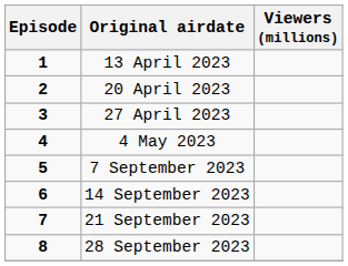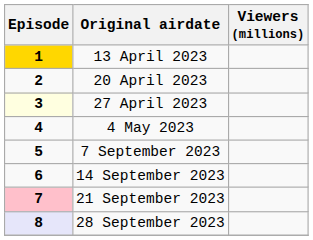 <table class="wikitable" style="text-align:center;">
 <tr>
 <th>Episode</th>
 <th>Original airdate</th>
 <th>Viewers<br><small>(millions)</small></th>
 </tr>
 <tr>
-<td><strong>1</strong></td>
+<td style="background: gold;"><strong>1</strong></td>
 <td>13 April 2023</td>
 <td></td>
 </tr>
 <tr>
 <td><strong>2</strong></td>
 <td>20 April 2023</td>
 <td></td>
 </tr>
 <tr>
-<td><strong>3</strong></td>
+<td style="background: lightyellow;"><strong>3</strong></td>
 <td>27 April 2023</td>
 <td></td>
 </tr>
 <tr>
 <td><strong>4</strong></td>
 <td>4 May 2023</td>
 <td></td>
 </tr>
 <tr>
 <td><strong>5</strong></td>
 <td>7 September 2023</td>
 <td></td>
 </tr>
 <tr>
 <td><strong>6</strong></td>
 <td>14 September 2023</td>
 <td></td>
 </tr>
 <tr>
-<td><strong>7</strong></td>
+<td style="background: pink;"><strong>7</strong></td>
 <td>21 September 2023</td>
 <td></td>
 </tr>
 <tr>
-<td><strong>8</strong></td>
+<td style="background: lavender;"><strong>8</strong></td>
 <td>28 September 2023</td>
 <td></td>
 </tr>
 <tr>
 </tr>
 </table>
